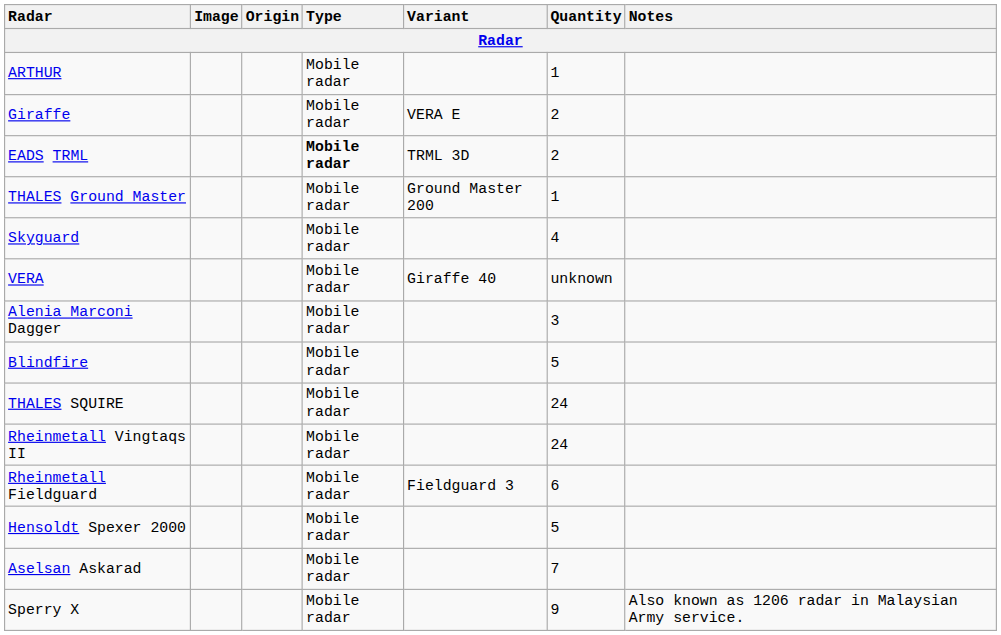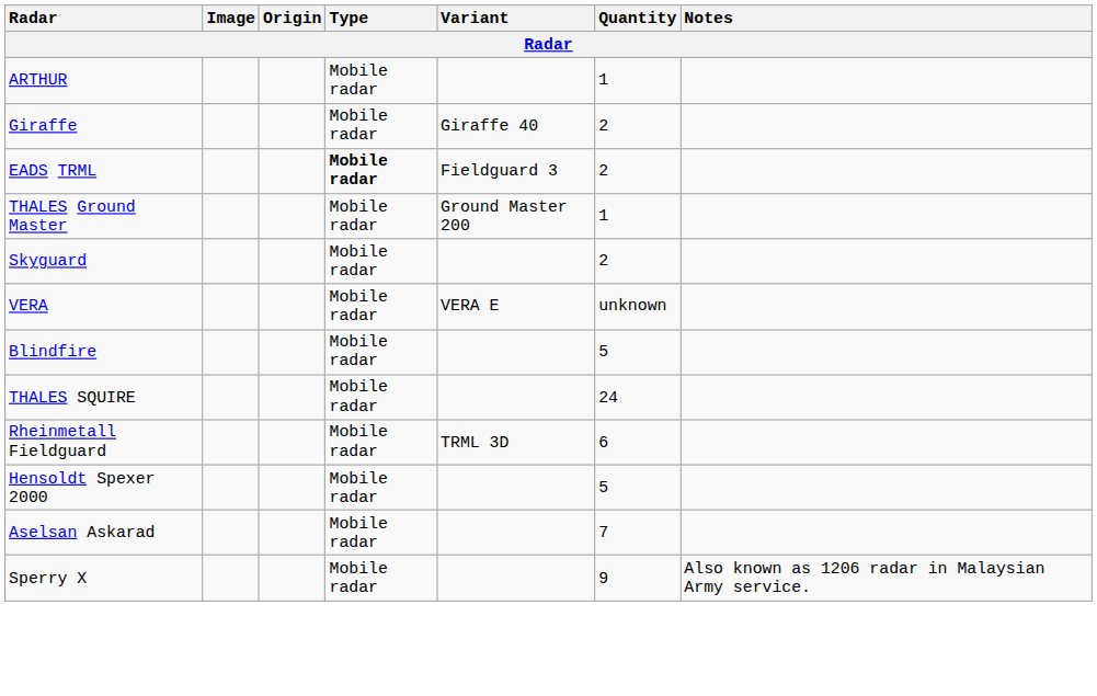 <table class="wikitable">
 <tr>
 <th style="text-align: left;">Radar</th>
 <th style="text-align: left;">Image</th>
 <th style="text-align: left;">Origin</th>
 <th style="text-align: left;">Type</th>
 <th style="text-align: left;">Variant</th>
 <th style="text-align: left;">Quantity</th>
 <th style="text-align: left;">Notes</th>
 </tr>
 <tr>
 <th style="align: center;" colspan="7"><a href='#'>Radar</a></th>
 </tr>
 <tr>
 <td><a href='#'>ARTHUR</a></td>
 <td></td>
 <td></td>
 <td>Mobile radar</td>
 <td></td>
 <td>1</td>
 <td></td>
 </tr>
 <tr>
 <td><a href='#'>Giraffe</a></td>
 <td></td>
 <td></td>
 <td>Mobile radar</td>
-<td>VERA E</td>
+<td>Giraffe 40</td>
 <td>2</td>
 <td></td>
 </tr>
 <tr>
 <td><a href='#'>EADS</a> <a href='#'>TRML</a></td>
 <td></td>
 <td></td>
 <td><strong>Mobile radar</strong></td>
-<td>TRML 3D</td>
+<td>Fieldguard 3</td>
 <td>2</td>
 <td></td>
 </tr>
 <tr>
 <td><a href='#'>THALES</a> <a href='#'>Ground Master</a></td>
 <td></td>
 <td></td>
 <td>Mobile radar</td>
 <td>Ground Master 200</td>
 <td>1</td>
 <td></td>
 </tr>
 <tr>
 <td><a href='#'>Skyguard</a></td>
 <td></td>
 <td></td>
 <td>Mobile radar</td>
 <td></td>
-<td>4</td>
+<td>2</td>
 <td></td>
 </tr>
 <tr>
 <td><a href='#'>VERA</a></td>
 <td></td>
 <td></td>
 <td>Mobile radar</td>
-<td>Giraffe 40</td>
+<td>VERA E</td>
 <td>unknown</td>
-<td></td>
-</tr>
-<tr>
-<td><a href='#'>Alenia Marconi</a> Dagger</td>
-<td></td>
-<td></td>
-<td>Mobile radar</td>
-<td></td>
-<td>3</td>
 <td></td>
 </tr>
 <tr>
 <td><a href='#'>Blindfire</a></td>
 <td></td>
 <td></td>
 <td>Mobile radar</td>
 <td></td>
 <td>5</td>
 <td></td>
 </tr>
 <tr>
 <td><a href='#'>THALES</a> SQUIRE</td>
 <td></td>
 <td></td>
 <td>Mobile radar</td>
 <td></td>
 <td>24</td>
 <td></td>
 </tr>
 <tr>
-<td><a href='#'>Rheinmetall</a> Vingtaqs II</td>
-<td></td>
-<td></td>
-<td>Mobile radar</td>
-<td></td>
-<td>24</td>
-<td></td>
-</tr>
-<tr>
 <td><a href='#'>Rheinmetall</a> Fieldguard</td>
 <td></td>
 <td></td>
 <td>Mobile radar</td>
-<td>Fieldguard 3</td>
+<td>TRML 3D</td>
 <td>6</td>
 <td></td>
 </tr>
 <tr>
 <td><a href='#'>Hensoldt</a> Spexer 2000</td>
 <td></td>
 <td></td>
 <td>Mobile radar</td>
 <td></td>
 <td>5</td>
 <td></td>
 </tr>
 <tr>
 <td><a href='#'>Aselsan</a> Askarad</td>
 <td></td>
 <td></td>
 <td>Mobile radar</td>
 <td></td>
 <td>7</td>
 <td></td>
 </tr>
 <tr>
 <td>Sperry X</td>
 <td></td>
 <td></td>
 <td>Mobile radar</td>
 <td></td>
 <td>9</td>
 <td>Also known as 1206 radar in Malaysian Army service.</td>
 </tr>
 </table>
